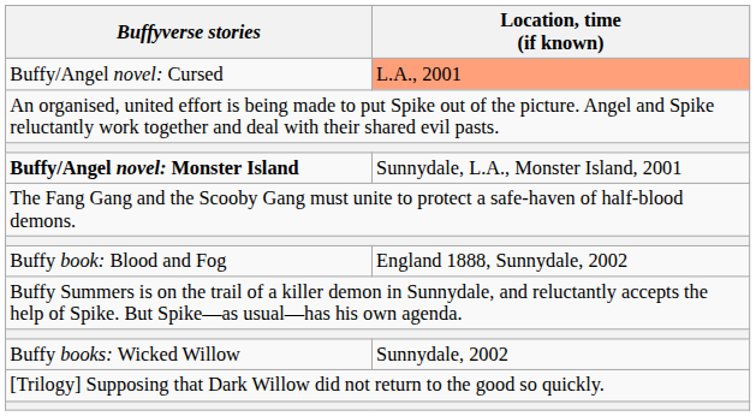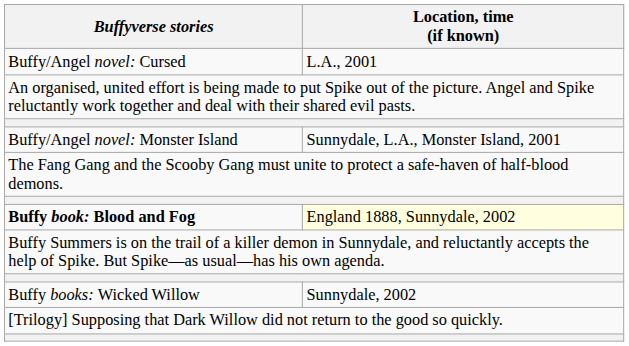 <table class="wikitable">
 <tr bgcolor="lightsteelblue" align=left>
 <th><strong><em>Buffyverse<em> stories<strong></th>
 <th></strong>Location, time<strong> <br>  (if known)</th>
 </tr>
 <tr>
 <td></em>Buffy/Angel<em> novel: </em>Cursed<em></td>
-<td style="background: lightsalmon;">L.A., 2001</td>
+<td>L.A., 2001</td>
 </tr>
 <tr>
 <td colspan="4">An organised, united effort is being made to put Spike out of the picture. Angel and Spike reluctantly work together and deal with their shared evil pasts.</td>
 </tr>
 <tr>
 <td colspan="6" bgcolor="#f2f2f2"></td>
 </tr>
 <tr>
-<td><strong></em>Buffy/Angel<em> novel: </em>Monster Island<em></strong></td>
+<td></em>Buffy/Angel<em> novel: </em>Monster Island<em></td>
 <td>Sunnydale, L.A., Monster Island, 2001</td>
 </tr>
 <tr>
 <td colspan="4">The Fang Gang and the Scooby Gang must unite to protect a safe-haven of half-blood demons.</td>
 </tr>
 <tr>
 <td colspan="6" bgcolor="#f2f2f2"></td>
 </tr>
 <tr>
-<td></em>Buffy<em> book: </em>Blood and Fog<em></td>
-<td>England 1888, Sunnydale, 2002</td>
+<td><strong></em>Buffy<em> book: </em>Blood and Fog<em></strong></td>
+<td style="background: lightyellow;">England 1888, Sunnydale, 2002</td>
 </tr>
 <tr>
 <td colspan="4">Buffy Summers is on the trail of a killer demon in Sunnydale, and reluctantly accepts the help of Spike. But Spike—as usual—has his own agenda.</td>
 </tr>
 <tr>
 <td colspan="6" bgcolor="#f2f2f2"></td>
 </tr>
 <tr>
 <td></em>Buffy<em> books: </em>Wicked Willow<em></td>
 <td>Sunnydale, 2002</td>
 </tr>
 <tr>
 <td colspan="4">[Trilogy] Supposing that Dark Willow did not return to the good so quickly.</td>
 </tr>
 <tr>
 <td colspan="6" bgcolor="#f2f2f2"></td>
 </tr>
 </table>
